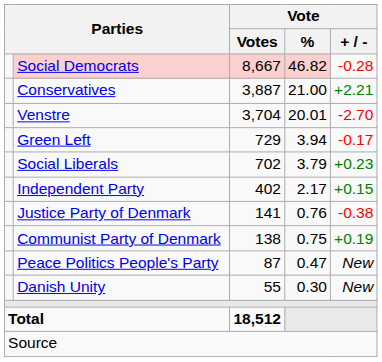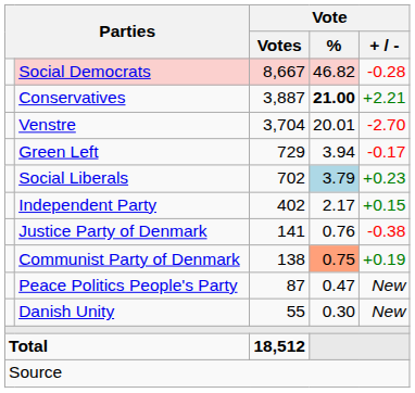 <table class="wikitable" style="text-align:right;">
 <tr>
 <th style="text-align:centre;" rowspan="2" colspan="2" width="225">Parties</th>
 <th colspan="3">Vote</th>
 </tr>
 <tr>
 <th width="15">Votes</th>
 <th width="15">%</th>
 <th width="15">+ / -</th>
 </tr>
 <tr>
 <td width="2" style="color:inherit;background:"></td>
 <td bgcolor=#fbd0ce  align="left"><a href='#'>Social Democrats</a></td>
 <td bgcolor=#fbd0ce>8,667</td>
 <td bgcolor=#fbd0ce>46.82</td>
 <td style=color:red;>-0.28</td>
 </tr>
 <tr>
 <td width="2" style="color:inherit;background:"></td>
 <td align="left"><a href='#'>Conservatives</a></td>
 <td>3,887</td>
-<td>21.00</td>
+<td><strong>21.00</strong></td>
 <td style=color:green;>+2.21</td>
 </tr>
 <tr>
 <td width="2" style="color:inherit;background:"></td>
 <td align="left"><a href='#'>Venstre</a></td>
 <td>3,704</td>
 <td>20.01</td>
 <td style=color:red;>-2.70</td>
 </tr>
 <tr>
 <td width="2" style="color:inherit;background:"></td>
 <td align="left"><a href='#'>Green Left</a></td>
 <td>729</td>
 <td>3.94</td>
 <td style=color:red;>-0.17</td>
 </tr>
 <tr>
 <td width="2" style="color:inherit;background:"></td>
 <td align="left"><a href='#'>Social Liberals</a></td>
 <td>702</td>
-<td>3.79</td>
+<td style="background: lightblue;">3.79</td>
 <td style=color:green;>+0.23</td>
 </tr>
 <tr>
 <td width="2" style="color:inherit;background:"></td>
 <td align="left"><a href='#'>Independent Party</a></td>
 <td>402</td>
 <td>2.17</td>
 <td style=color:green;>+0.15</td>
 </tr>
 <tr>
 <td width="2" style="color:inherit;background:"></td>
 <td align="left"><a href='#'>Justice Party of Denmark</a></td>
 <td>141</td>
 <td>0.76</td>
 <td style=color:red;>-0.38</td>
 </tr>
 <tr>
 <td width="2" style="color:inherit;background:"></td>
 <td align="left"><a href='#'>Communist Party of Denmark</a></td>
 <td>138</td>
-<td>0.75</td>
+<td style="background: lightsalmon;">0.75</td>
 <td style=color:green;>+0.19</td>
 </tr>
 <tr>
 <td width="2" style="color:inherit;background:"></td>
 <td align="left"><a href='#'>Peace Politics People's Party</a></td>
 <td>87</td>
 <td>0.47</td>
 <td><em>New</em></td>
 </tr>
 <tr>
 <td width="2" style="color:inherit;background:"></td>
 <td align="left"><a href='#'>Danish Unity</a></td>
 <td>55</td>
 <td>0.30</td>
 <td><em>New</em></td>
 </tr>
 <tr>
 <td colspan="7" bgcolor="#E9E9E9"></td>
 </tr>
 <tr>
 <td align="left" colspan="2"><strong>Total</strong></td>
 <td><strong>18,512</strong></td>
 <td bgcolor="#E9E9E9" colspan="2"></td>
 </tr>
 <tr>
 <td align="left" colspan="6">Source</td>
 </tr>
 </table>
